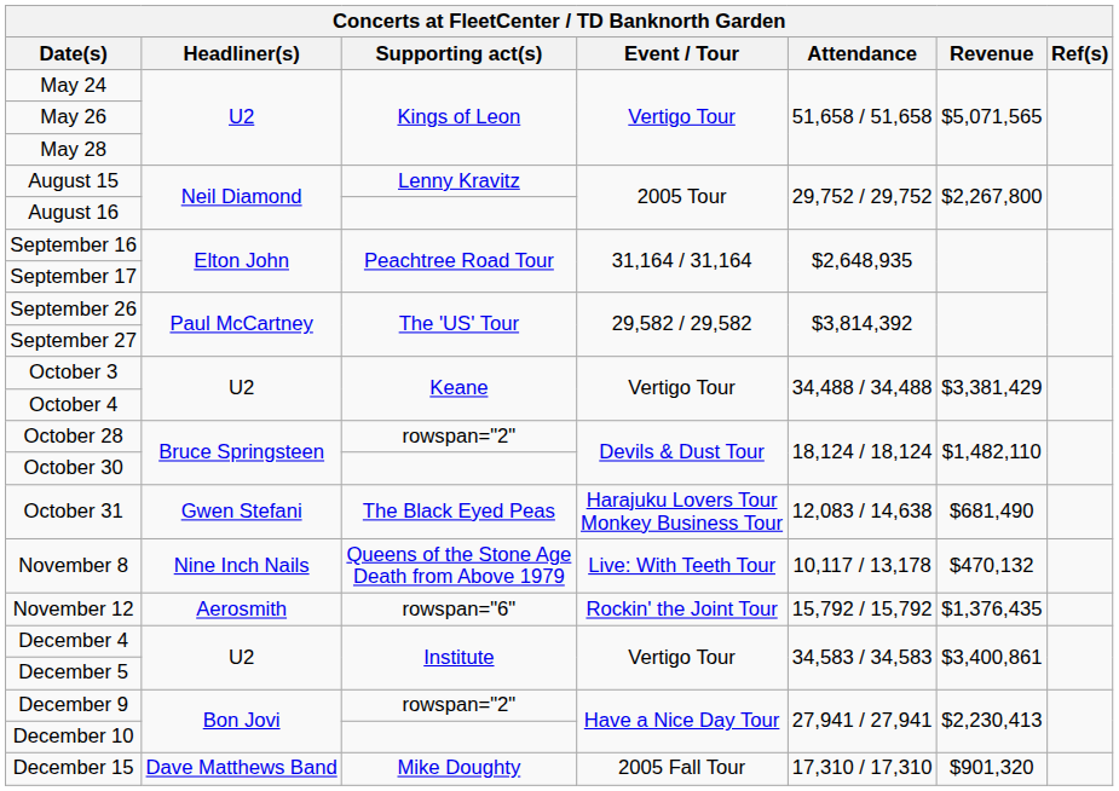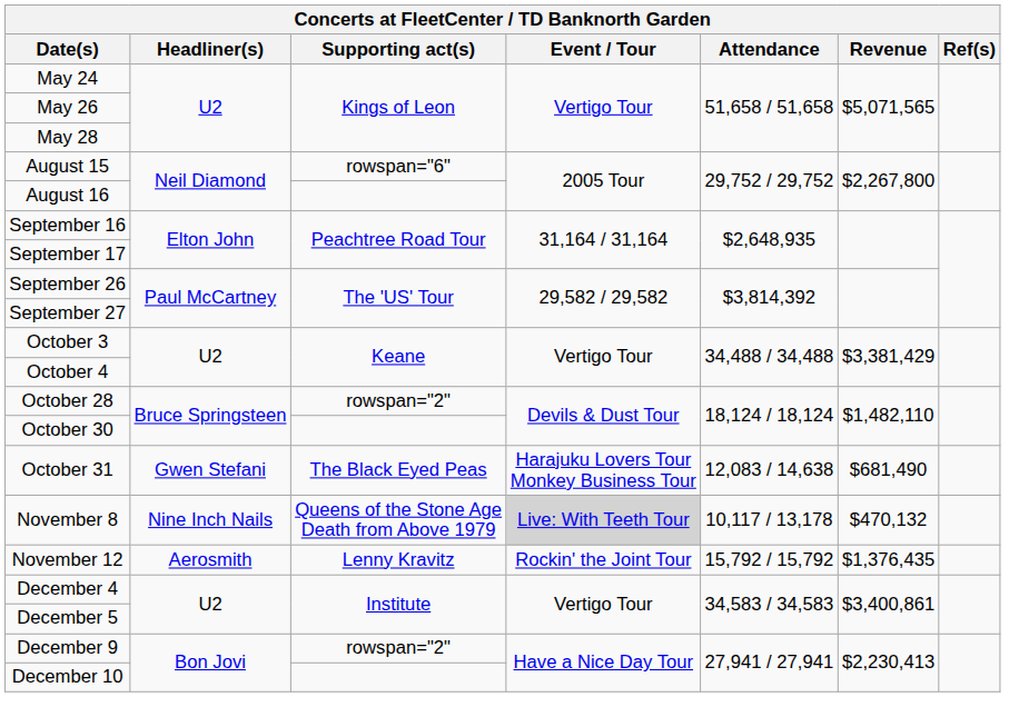 <table class="wikitable mw-collapsible mw-collapsed" style="text-align:center;">
 <tr>
 <th colspan="7">Concerts at FleetCenter / TD Banknorth Garden</th>
 </tr>
 <tr>
 <th>Date(s)</th>
 <th>Headliner(s)</th>
 <th>Supporting act(s)</th>
 <th>Event / Tour</th>
 <th>Attendance</th>
 <th>Revenue</th>
 <th>Ref(s)</th>
 </tr>
 <tr>
 <td>May 24</td>
 <td rowspan="3"><a href='#'>U2</a></td>
 <td rowspan="3"><a href='#'>Kings of Leon</a></td>
 <td rowspan="3"><a href='#'>Vertigo Tour</a></td>
 <td rowspan="3">51,658 / 51,658</td>
 <td rowspan="3">$5,071,565</td>
 <td rowspan="3"></td>
 </tr>
 <tr>
 <td>May 26</td>
 </tr>
 <tr>
 <td>May 28</td>
 </tr>
 <tr>
 <td>August 15</td>
 <td rowspan="2"><a href='#'>Neil Diamond</a></td>
-<td><a href='#'>Lenny Kravitz</a></td>
+<td>rowspan="6" </td>
 <td rowspan="2">2005 Tour</td>
 <td rowspan="2">29,752 / 29,752</td>
 <td rowspan="2">$2,267,800</td>
 <td rowspan="2"></td>
 </tr>
 <tr>
 <td>August 16</td>
 </tr>
 <tr>
 <td>September 16</td>
 <td rowspan="2"><a href='#'>Elton John</a></td>
 <td rowspan="2"><a href='#'>Peachtree Road Tour</a></td>
 <td rowspan="2">31,164 / 31,164</td>
 <td rowspan="2">$2,648,935</td>
 <td rowspan="2"></td>
 </tr>
 <tr>
 <td>September 17</td>
 </tr>
 <tr>
 <td>September 26</td>
 <td rowspan="2"><a href='#'>Paul McCartney</a></td>
 <td rowspan="2"><a href='#'>The 'US' Tour</a></td>
 <td rowspan="2">29,582 / 29,582</td>
 <td rowspan="2">$3,814,392</td>
 <td rowspan="2"></td>
 </tr>
 <tr>
 <td>September 27</td>
 </tr>
 <tr>
 <td>October 3</td>
 <td rowspan="2">U2</td>
 <td rowspan="2"><a href='#'>Keane</a></td>
 <td rowspan="2">Vertigo Tour</td>
 <td rowspan="2">34,488 / 34,488</td>
 <td rowspan="2">$3,381,429</td>
 <td rowspan="2"></td>
 </tr>
 <tr>
 <td>October 4</td>
 </tr>
 <tr>
 <td>October 28</td>
 <td rowspan="2"><a href='#'>Bruce Springsteen</a></td>
 <td>rowspan="2" </td>
 <td rowspan="2"><a href='#'>Devils & Dust Tour</a></td>
 <td rowspan="2">18,124 / 18,124</td>
 <td rowspan="2">$1,482,110</td>
 <td rowspan="2"></td>
 </tr>
 <tr>
 <td>October 30</td>
 </tr>
 <tr>
 <td>October 31</td>
 <td><a href='#'>Gwen Stefani</a></td>
 <td><a href='#'>The Black Eyed Peas</a></td>
 <td><a href='#'>Harajuku Lovers Tour</a><br><a href='#'>Monkey Business Tour</a></td>
 <td>12,083 / 14,638</td>
 <td>$681,490</td>
 <td></td>
 </tr>
 <tr>
 <td>November 8</td>
 <td><a href='#'>Nine Inch Nails</a></td>
 <td><a href='#'>Queens of the Stone Age</a><br><a href='#'>Death from Above 1979</a></td>
-<td><a href='#'>Live: With Teeth Tour</a></td>
+<td style="background: lightgrey;"><a href='#'>Live: With Teeth Tour</a></td>
 <td>10,117 / 13,178</td>
 <td>$470,132</td>
 <td></td>
 </tr>
 <tr>
 <td>November 12</td>
 <td><a href='#'>Aerosmith</a></td>
-<td>rowspan="6" </td>
+<td><a href='#'>Lenny Kravitz</a></td>
 <td><a href='#'>Rockin' the Joint Tour</a></td>
 <td>15,792 / 15,792</td>
 <td>$1,376,435</td>
 <td></td>
 </tr>
 <tr>
 <td>December 4</td>
 <td rowspan="2">U2</td>
 <td rowspan="2"><a href='#'>Institute</a></td>
 <td rowspan="2">Vertigo Tour</td>
 <td rowspan="2">34,583 / 34,583</td>
 <td rowspan="2">$3,400,861</td>
 <td rowspan="2"></td>
 </tr>
 <tr>
 <td>December 5</td>
 </tr>
 <tr>
 <td>December 9</td>
 <td rowspan="2"><a href='#'>Bon Jovi</a></td>
 <td>rowspan="2" </td>
 <td rowspan="2"><a href='#'>Have a Nice Day Tour</a></td>
 <td rowspan="2">27,941 / 27,941</td>
 <td rowspan="2">$2,230,413</td>
 <td rowspan="2"></td>
 </tr>
 <tr>
 <td>December 10</td>
 </tr>
-<tr>
-<td>December 15</td>
-<td><a href='#'>Dave Matthews Band</a></td>
-<td><a href='#'>Mike Doughty</a></td>
-<td>2005 Fall Tour</td>
-<td>17,310 / 17,310</td>
-<td>$901,320</td>
-<td></td>
-</tr>
 </table>
